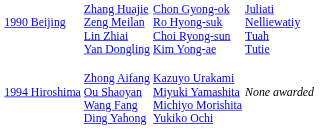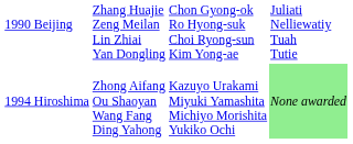 <table>
 <tr>
 <td><a href='#'>1990 Beijing</a></td>
 <td><br><a href='#'>Zhang Huajie</a><br><a href='#'>Zeng Meilan</a><br><a href='#'>Lin Zhiai</a><br><a href='#'>Yan Dongling</a></td>
 <td><br><a href='#'>Chon Gyong-ok</a><br><a href='#'>Ro Hyong-suk</a><br><a href='#'>Choi Ryong-sun</a><br><a href='#'>Kim Yong-ae</a></td>
 <td><br><a href='#'>Juliati</a><br><a href='#'>Nelliewatiy</a><br><a href='#'>Tuah</a><br><a href='#'>Tutie</a></td>
 </tr>
 <tr>
 <td><a href='#'>1994 Hiroshima</a></td>
 <td><br><a href='#'>Zhong Aifang</a><br><a href='#'>Ou Shaoyan</a><br><a href='#'>Wang Fang</a><br><a href='#'>Ding Yahong</a></td>
 <td><br><a href='#'>Kazuyo Urakami</a><br><a href='#'>Miyuki Yamashita</a><br><a href='#'>Michiyo Morishita</a><br><a href='#'>Yukiko Ochi</a></td>
-<td><em>None awarded</em></td>
+<td style="background: lightgreen;"><em>None awarded</em></td>
 </tr>
 </table>
